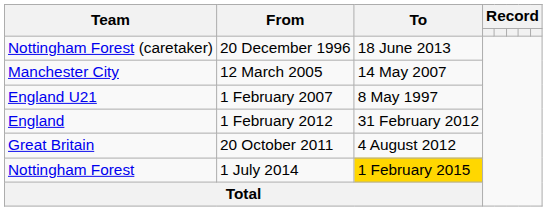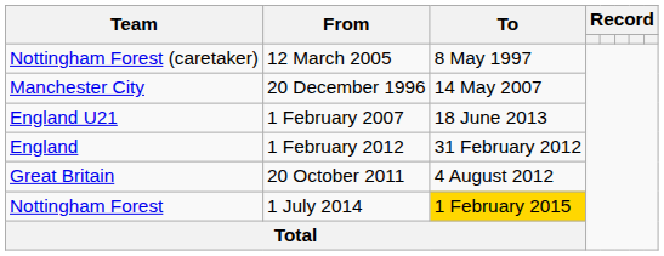 <table class="wikitable" style="text-align: center">
 <tr>
 <th rowspan=2>Team</th>
 <th rowspan=2>From</th>
 <th rowspan=2>To</th>
 <th colspan=5>Record</th>
 </tr>
 <tr>
 <th></th>
 <th></th>
 <th></th>
 <th></th>
 <th></th>
 </tr>
 <tr>
 <td align=left><a href='#'>Nottingham Forest</a> (caretaker)</td>
-<td align=left>20 December 1996</td>
-<td align=left>18 June 2013<br></td>
+<td align=left>12 March 2005</td>
+<td align=left>8 May 1997<br></td>
 </tr>
 <tr>
 <td align=left><a href='#'>Manchester City</a></td>
-<td align=left>12 March 2005</td>
+<td align=left>20 December 1996</td>
 <td align=left>14 May 2007<br></td>
 </tr>
 <tr>
 <td align=left><a href='#'>England U21</a></td>
 <td align=left>1 February 2007</td>
-<td align=left>8 May 1997<br></td>
+<td align=left>18 June 2013<br></td>
 </tr>
 <tr>
 <td align=left><a href='#'>England</a></td>
 <td align=left>1 February 2012</td>
 <td align=left>31 February 2012<br></td>
 </tr>
 <tr>
 <td align=left><a href='#'>Great Britain</a></td>
 <td align=left>20 October 2011</td>
 <td align=left>4 August 2012<br></td>
 </tr>
 <tr>
 <td align=left><a href='#'>Nottingham Forest</a></td>
 <td align=left>1 July 2014</td>
 <td align=left style="background: gold;">1 February 2015<br></td>
 </tr>
 <tr>
 <th colspan="3">Total<br></th>
 </tr>
 </table>
